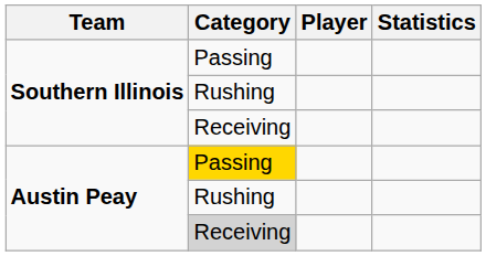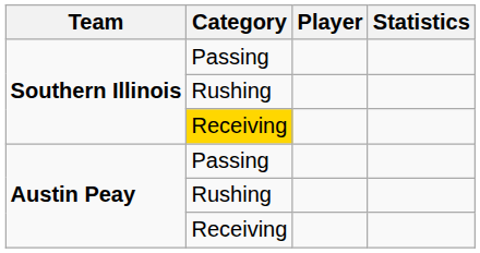 <table class="wikitable" style="float: right;">
 <tr>
 <th>Team</th>
 <th>Category</th>
 <th>Player</th>
 <th>Statistics</th>
 </tr>
 <tr>
 <td rowspan=3><strong>Southern Illinois</strong></td>
 <td>Passing</td>
 <td></td>
 <td></td>
 </tr>
 <tr>
 <td>Rushing</td>
 <td></td>
 <td></td>
 </tr>
 <tr>
-<td>Receiving</td>
+<td style="background: gold;">Receiving</td>
 <td></td>
 <td></td>
 </tr>
 <tr>
 <td rowspan=3><strong>Austin Peay</strong></td>
-<td style="background: gold;">Passing</td>
+<td>Passing</td>
 <td></td>
 <td></td>
 </tr>
 <tr>
 <td>Rushing</td>
 <td></td>
 <td></td>
 </tr>
 <tr>
-<td style="background: lightgrey;">Receiving</td>
+<td>Receiving</td>
 <td></td>
 <td></td>
 </tr>
 </table>
